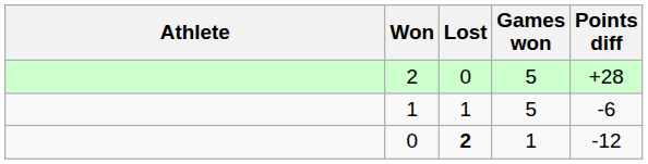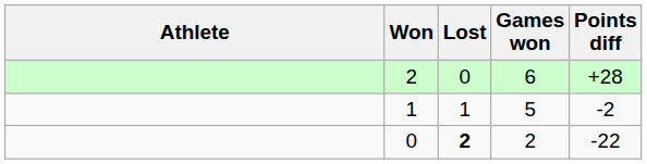 <table class="wikitable">
 <tr>
 <th style="width:18em">Athlete</th>
 <th>Won</th>
 <th>Lost</th>
 <th>Games<br>won</th>
 <th>Points<br>diff</th>
 </tr>
 <tr bgcolor="#ccffcc">
 <td></td>
 <td align="center">2</td>
 <td align="center">0</td>
-<td align="center">5</td>
+<td align="center">6</td>
 <td align="center">+28</td>
 </tr>
 <tr>
 <td></td>
 <td align="center">1</td>
 <td align="center">1</td>
 <td align="center">5</td>
-<td align="center">-6</td>
+<td align="center">-2</td>
 </tr>
 <tr>
 <td></td>
 <td align="center">0</td>
 <td align="center"><strong>2</strong></td>
-<td align="center">1</td>
-<td align="center">-12</td>
+<td align="center">2</td>
+<td align="center">-22</td>
 </tr>
 </table>
